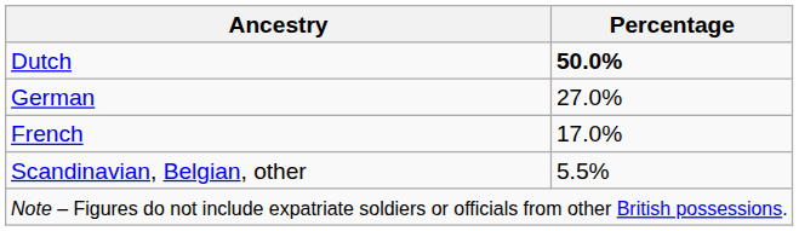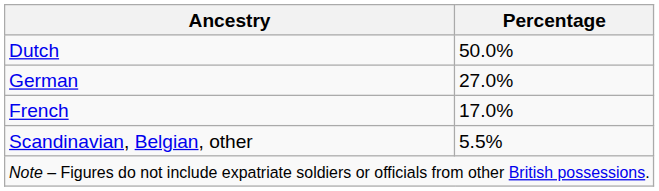 <table class="sort wikitable sortable" style="font-size: 95%">
 <tr>
 <th>Ancestry</th>
 <th>Percentage</th>
 </tr>
 <tr>
 <td><a href='#'>Dutch</a></td>
-<td><strong>50.0%</strong></td>
+<td>50.0%</td>
 </tr>
 <tr>
 <td><a href='#'>German</a></td>
 <td>27.0%</td>
 </tr>
 <tr>
 <td><a href='#'>French</a></td>
 <td>17.0%</td>
 </tr>
 <tr>
 <td><a href='#'>Scandinavian</a>, <a href='#'>Belgian</a>, other</td>
 <td>5.5%</td>
 </tr>
 <tr>
 <td colspan=2><small> <em>Note</em> – Figures do not include expatriate soldiers or officials from other <a href='#'>British possessions</a>.</small></td>
 </tr>
 </table>
